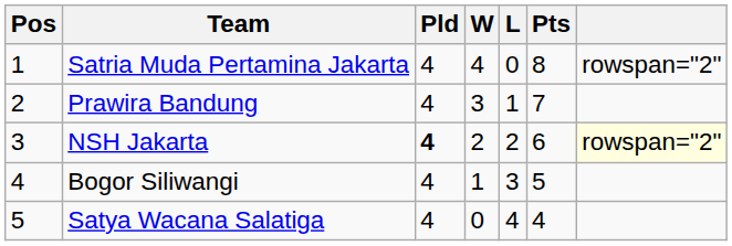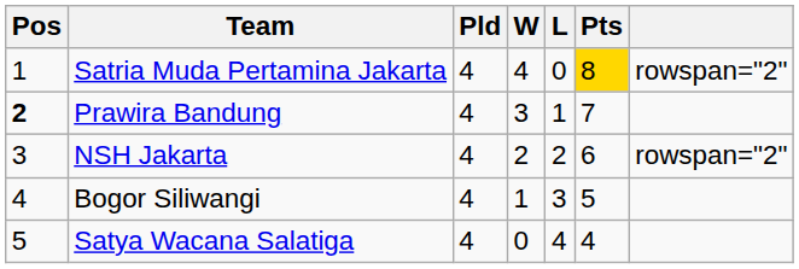 <table class="wikitable">
 <tr>
 <th>Pos</th>
 <th>Team</th>
 <th>Pld</th>
 <th>W</th>
 <th>L</th>
 <th>Pts</th>
 <th></th>
 </tr>
 <tr>
 <td>1</td>
 <td><a href='#'>Satria Muda Pertamina Jakarta</a></td>
 <td>4</td>
 <td>4</td>
 <td>0</td>
-<td>8</td>
+<td style="background: gold;">8</td>
 <td>rowspan="2" </td>
 </tr>
 <tr>
-<td>2</td>
+<td><strong>2</strong></td>
 <td><a href='#'>Prawira Bandung</a></td>
 <td>4</td>
 <td>3</td>
 <td>1</td>
 <td>7</td>
 </tr>
 <tr>
 <td>3</td>
 <td><a href='#'>NSH Jakarta</a></td>
-<td><strong>4</strong></td>
+<td>4</td>
 <td>2</td>
 <td>2</td>
 <td>6</td>
-<td style="background: lightyellow;">rowspan="2" </td>
+<td>rowspan="2" </td>
 </tr>
 <tr>
 <td>4</td>
 <td>Bogor Siliwangi</td>
 <td>4</td>
 <td>1</td>
 <td>3</td>
 <td>5</td>
 </tr>
 <tr>
 <td>5</td>
 <td><a href='#'>Satya Wacana Salatiga</a></td>
 <td>4</td>
 <td>0</td>
 <td>4</td>
 <td>4</td>
 <td></td>
 </tr>
 </table>
